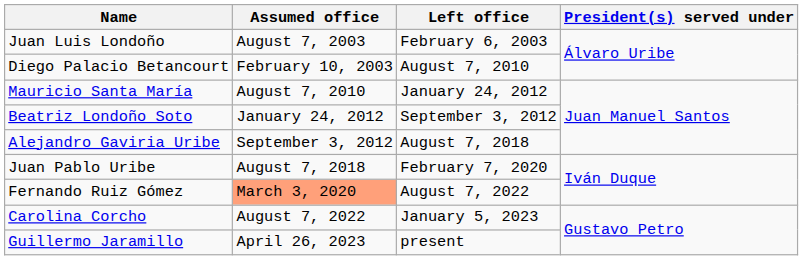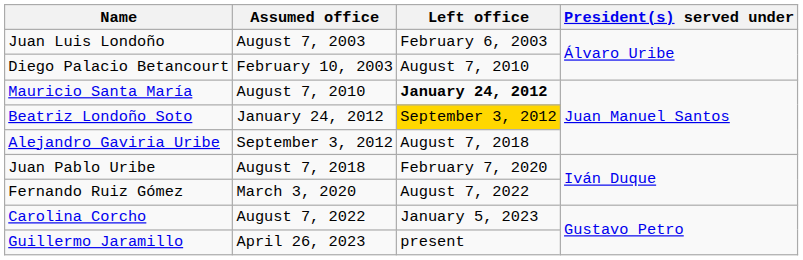 <table class="wikitable">
 <tr>
 <th>Name</th>
 <th>Assumed office</th>
 <th>Left office</th>
 <th><a href='#'>President(s)</a> served under</th>
 </tr>
 <tr>
 <td>Juan Luis Londoño</td>
 <td>August 7, 2003</td>
 <td>February 6, 2003</td>
 <td rowspan="2"><a href='#'>Álvaro Uribe</a></td>
 </tr>
 <tr>
 <td>Diego Palacio Betancourt</td>
 <td>February 10, 2003</td>
 <td>August 7, 2010</td>
 </tr>
 <tr>
 <td><a href='#'>Mauricio Santa María</a></td>
 <td>August 7, 2010</td>
-<td>January 24, 2012</td>
+<td><strong>January 24, 2012</strong></td>
 <td rowspan="3"><a href='#'>Juan Manuel Santos</a></td>
 </tr>
 <tr>
 <td><a href='#'>Beatriz Londoño Soto</a></td>
 <td>January 24, 2012</td>
-<td>September 3, 2012</td>
+<td style="background: gold;">September 3, 2012</td>
 </tr>
 <tr>
 <td><a href='#'>Alejandro Gaviria Uribe</a></td>
 <td>September 3, 2012</td>
 <td>August 7, 2018</td>
 </tr>
 <tr>
 <td>Juan Pablo Uribe</td>
 <td>August 7, 2018</td>
 <td>February 7, 2020</td>
 <td rowspan="2"><a href='#'>Iván Duque</a></td>
 </tr>
 <tr>
 <td>Fernando Ruiz Gómez</td>
-<td style="background: lightsalmon;">March 3, 2020</td>
+<td>March 3, 2020</td>
 <td>August 7, 2022</td>
 </tr>
 <tr>
 <td><a href='#'>Carolina Corcho</a></td>
 <td>August 7, 2022</td>
 <td>January 5, 2023</td>
 <td rowspan="2"><a href='#'>Gustavo Petro</a></td>
 </tr>
 <tr>
 <td><a href='#'>Guillermo Jaramillo</a></td>
 <td>April 26, 2023</td>
 <td>present</td>
 </tr>
 </table>
